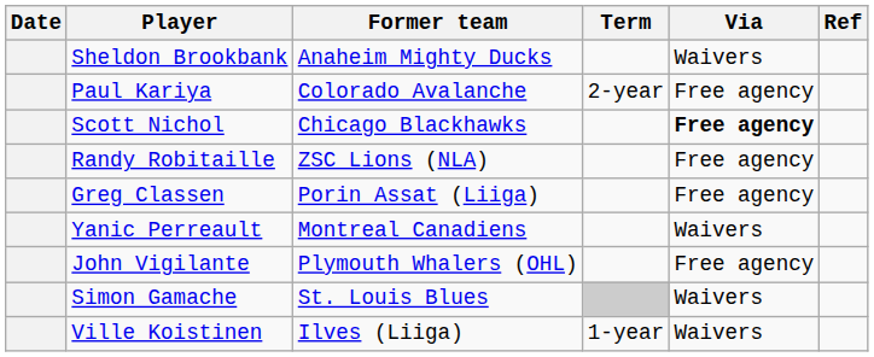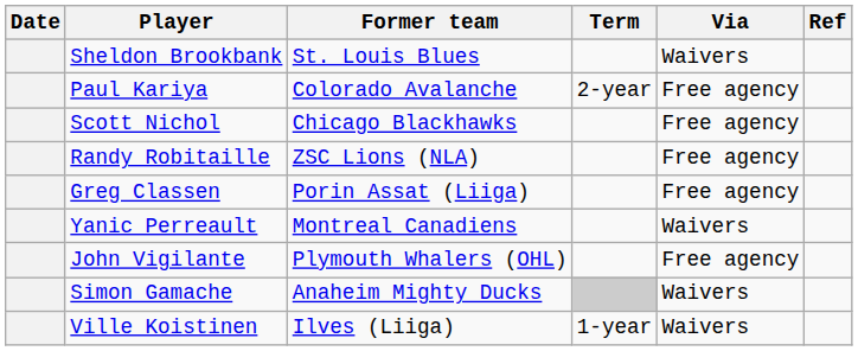 <table class="wikitable plainrowheaders">
 <tr style="background:#ddd; text-align:center;">
 <th>Date</th>
 <th>Player</th>
 <th>Former team</th>
 <th>Term</th>
 <th>Via</th>
 <th>Ref</th>
 </tr>
 <tr>
 <th scope="row"></th>
 <td><a href='#'>Sheldon Brookbank</a></td>
-<td><a href='#'>Anaheim Mighty Ducks</a></td>
+<td><a href='#'>St. Louis Blues</a></td>
 <td></td>
 <td>Waivers</td>
 <td></td>
 </tr>
 <tr>
 <th scope="row"></th>
 <td><a href='#'>Paul Kariya</a></td>
 <td><a href='#'>Colorado Avalanche</a></td>
 <td>2-year</td>
 <td>Free agency</td>
 <td></td>
 </tr>
 <tr>
 <th scope="row"></th>
 <td><a href='#'>Scott Nichol</a></td>
 <td><a href='#'>Chicago Blackhawks</a></td>
 <td></td>
-<td><strong>Free agency</strong></td>
+<td>Free agency</td>
 <td></td>
 </tr>
 <tr>
 <th scope="row"></th>
 <td><a href='#'>Randy Robitaille</a></td>
 <td><a href='#'>ZSC Lions</a> (<a href='#'>NLA</a>)</td>
 <td></td>
 <td>Free agency</td>
 <td></td>
 </tr>
 <tr>
 <th scope="row"></th>
 <td><a href='#'>Greg Classen</a></td>
 <td><a href='#'>Porin Assat</a> (<a href='#'>Liiga</a>)</td>
 <td></td>
 <td>Free agency</td>
 <td></td>
 </tr>
 <tr>
 <th scope="row"></th>
 <td><a href='#'>Yanic Perreault</a></td>
 <td><a href='#'>Montreal Canadiens</a></td>
 <td></td>
 <td>Waivers</td>
 <td></td>
 </tr>
 <tr>
 <th scope="row"></th>
 <td><a href='#'>John Vigilante</a></td>
 <td><a href='#'>Plymouth Whalers</a> (<a href='#'>OHL</a>)</td>
 <td></td>
 <td>Free agency</td>
 <td></td>
 </tr>
 <tr>
 <th scope="row"></th>
 <td><a href='#'>Simon Gamache</a></td>
-<td><a href='#'>St. Louis Blues</a></td>
+<td><a href='#'>Anaheim Mighty Ducks</a></td>
 <td style="background:#ccc"></td>
 <td>Waivers</td>
 <td></td>
 </tr>
 <tr>
 <th scope="row"></th>
 <td><a href='#'>Ville Koistinen</a></td>
 <td><a href='#'>Ilves</a> (Liiga)</td>
 <td>1-year</td>
 <td>Waivers</td>
 <td></td>
 </tr>
 </table>
